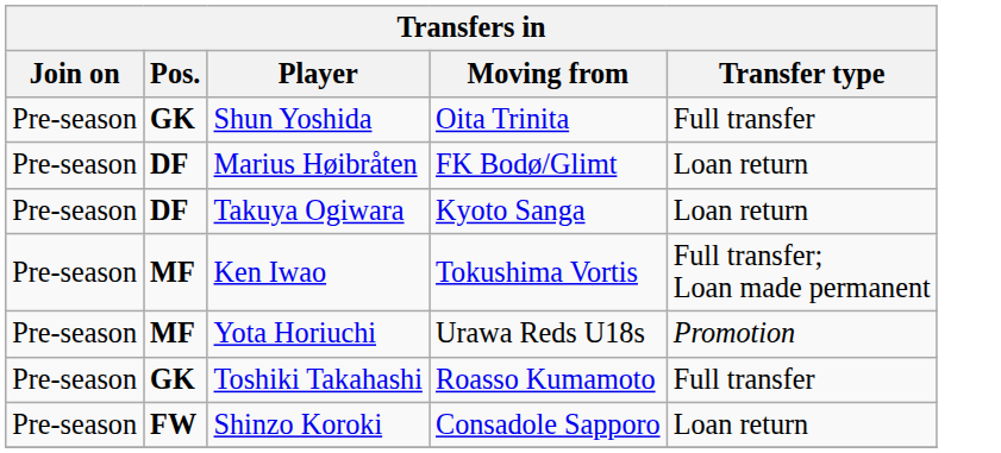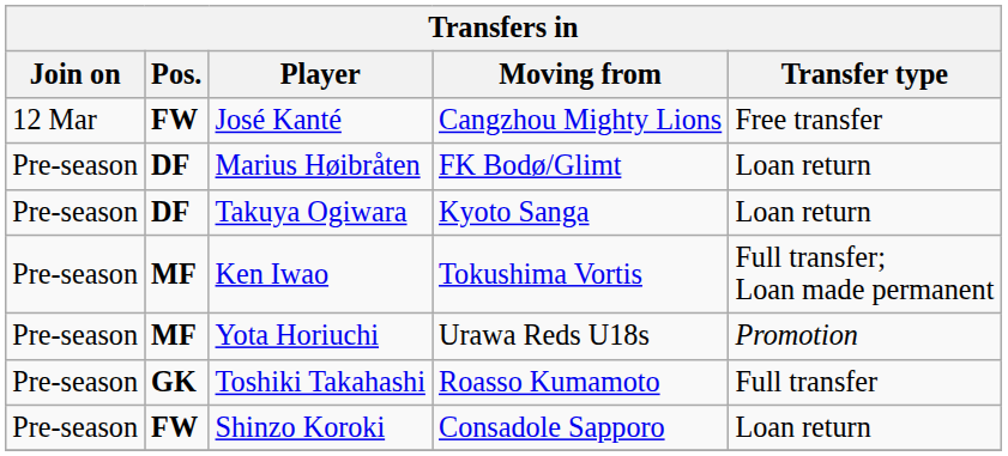 <table class="wikitable sortable" style=“text-align:left;>
 <tr>
 <th colspan="5">Transfers in</th>
 </tr>
 <tr>
 <th>Join on</th>
 <th>Pos.</th>
 <th>Player</th>
 <th>Moving from</th>
 <th>Transfer type</th>
 </tr>
 <tr>
-<td>Pre-season</td>
-<td><strong>GK</strong></td>
-<td> <a href='#'>Shun Yoshida</a></td>
-<td> <a href='#'>Oita Trinita</a></td>
-<td>Full transfer</td>
+<td>12 Mar</td>
+<td><strong>FW</strong></td>
+<td> <a href='#'>José Kanté</a></td>
+<td> <a href='#'>Cangzhou Mighty Lions</a></td>
+<td>Free transfer</td>
 </tr>
 <tr>
 <td>Pre-season</td>
 <td><strong>DF</strong></td>
 <td> <a href='#'>Marius Høibråten</a></td>
 <td> <a href='#'>FK Bodø/Glimt</a></td>
 <td>Loan return</td>
 </tr>
 <tr>
 <td>Pre-season</td>
 <td><strong>DF</strong></td>
 <td> <a href='#'>Takuya Ogiwara</a></td>
 <td> <a href='#'>Kyoto Sanga</a></td>
 <td>Loan return</td>
 </tr>
 <tr>
 <td>Pre-season</td>
 <td><strong>MF</strong></td>
 <td> <a href='#'>Ken Iwao</a></td>
 <td> <a href='#'>Tokushima Vortis</a></td>
 <td>Full transfer;<br> Loan made permanent</td>
 </tr>
 <tr>
 <td>Pre-season</td>
 <td><strong>MF</strong></td>
 <td> <a href='#'>Yota Horiuchi</a></td>
 <td>Urawa Reds U18s</td>
 <td><em>Promotion</em></td>
 </tr>
 <tr>
 <td>Pre-season</td>
 <td><strong>GK</strong></td>
 <td> <a href='#'>Toshiki Takahashi</a></td>
 <td> <a href='#'>Roasso Kumamoto</a></td>
 <td>Full transfer</td>
 </tr>
 <tr>
 <td>Pre-season</td>
 <td><strong>FW</strong></td>
 <td> <a href='#'>Shinzo Koroki</a></td>
 <td> <a href='#'>Consadole Sapporo</a></td>
 <td>Loan return</td>
 </tr>
 <tr>
 </tr>
 </table>
